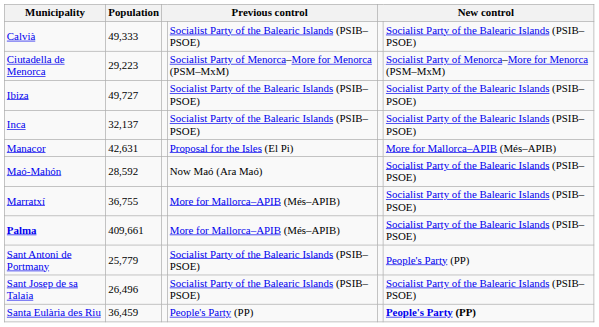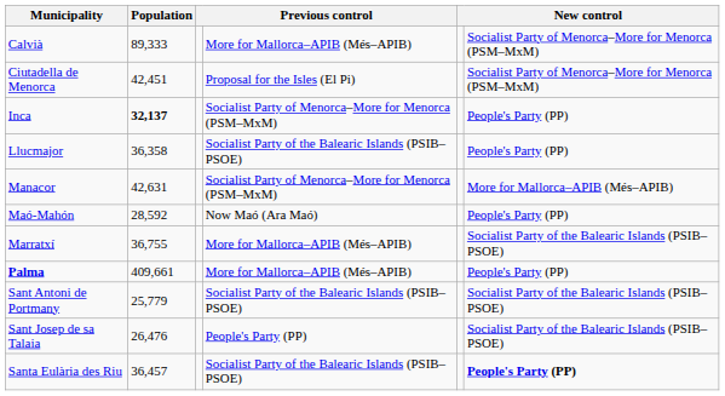 <table class="wikitable sortable">
 <tr>
 <th>Municipality</th>
 <th>Population</th>
 <th colspan="2" style="width:375px;">Previous control</th>
 <th colspan="2" style="width:375px;">New control</th>
 </tr>
 <tr>
 <td><a href='#'>Calvià</a></td>
-<td>49,333</td>
+<td>89,333</td>
 <td width="1" style="color:inherit;background:"></td>
-<td><a href='#'>Socialist Party of the Balearic Islands</a> (PSIB–PSOE)</td>
+<td><a href='#'>More for Mallorca–APIB</a> (Més–APIB)</td>
 <td width="1" style="color:inherit;background:"></td>
-<td><a href='#'>Socialist Party of the Balearic Islands</a> (PSIB–PSOE)</td>
+<td><a href='#'>Socialist Party of Menorca</a>–<a href='#'>More for Menorca</a> (PSM–MxM)</td>
 </tr>
 <tr>
 <td><a href='#'>Ciutadella de Menorca</a></td>
-<td>29,223</td>
+<td>42,451</td>
 <td style="color:inherit;background:"></td>
-<td><a href='#'>Socialist Party of Menorca</a>–<a href='#'>More for Menorca</a> (PSM–MxM)</td>
+<td><a href='#'>Proposal for the Isles</a> (El Pi)</td>
 <td style="color:inherit;background:"></td>
 <td><a href='#'>Socialist Party of Menorca</a>–<a href='#'>More for Menorca</a> (PSM–MxM)</td>
 </tr>
 <tr>
-<td><a href='#'>Ibiza</a></td>
-<td>49,727</td>
+<td><a href='#'>Inca</a></td>
+<td><strong>32,137</strong></td>
+<td style="color:inherit;background:"></td>
+<td><a href='#'>Socialist Party of Menorca</a>–<a href='#'>More for Menorca</a> (PSM–MxM)</td>
+<td style="color:inherit;background:"></td>
+<td><a href='#'>People's Party</a> (PP)</td>
+</tr>
+<tr>
+<td><a href='#'>Llucmajor</a></td>
+<td>36,358</td>
 <td style="color:inherit;background:"></td>
 <td><a href='#'>Socialist Party of the Balearic Islands</a> (PSIB–PSOE)</td>
 <td style="color:inherit;background:"></td>
-<td><a href='#'>Socialist Party of the Balearic Islands</a> (PSIB–PSOE)</td>
-</tr>
-<tr>
-<td><a href='#'>Inca</a></td>
-<td>32,137</td>
-<td style="color:inherit;background:"></td>
-<td><a href='#'>Socialist Party of the Balearic Islands</a> (PSIB–PSOE)</td>
-<td style="color:inherit;background:"></td>
-<td><a href='#'>Socialist Party of the Balearic Islands</a> (PSIB–PSOE)</td>
+<td><a href='#'>People's Party</a> (PP)</td>
 </tr>
 <tr>
 <td><a href='#'>Manacor</a></td>
 <td>42,631</td>
 <td style="color:inherit;background:"></td>
-<td><a href='#'>Proposal for the Isles</a> (El Pi)</td>
+<td><a href='#'>Socialist Party of Menorca</a>–<a href='#'>More for Menorca</a> (PSM–MxM)</td>
 <td style="color:inherit;background:"></td>
 <td><a href='#'>More for Mallorca–APIB</a> (Més–APIB)</td>
 </tr>
 <tr>
 <td><a href='#'>Maó-Mahón</a></td>
 <td>28,592</td>
 <td style="color:inherit;background:"></td>
 <td>Now Maó (Ara Maó)</td>
 <td style="color:inherit;background:"></td>
-<td><a href='#'>Socialist Party of the Balearic Islands</a> (PSIB–PSOE)</td>
+<td><a href='#'>People's Party</a> (PP)</td>
 </tr>
 <tr>
 <td><a href='#'>Marratxí</a></td>
 <td>36,755</td>
 <td style="color:inherit;background:"></td>
 <td><a href='#'>More for Mallorca–APIB</a> (Més–APIB)</td>
 <td style="color:inherit;background:"></td>
 <td><a href='#'>Socialist Party of the Balearic Islands</a> (PSIB–PSOE)</td>
 </tr>
 <tr>
 <td><strong><a href='#'>Palma</a></strong></td>
 <td>409,661</td>
 <td style="color:inherit;background:"></td>
 <td><a href='#'>More for Mallorca–APIB</a> (Més–APIB)</td>
 <td style="color:inherit;background:"></td>
-<td><a href='#'>Socialist Party of the Balearic Islands</a> (PSIB–PSOE)</td>
+<td><a href='#'>People's Party</a> (PP)</td>
 </tr>
 <tr>
 <td><a href='#'>Sant Antoni de Portmany</a></td>
 <td>25,779</td>
 <td style="color:inherit;background:"></td>
 <td><a href='#'>Socialist Party of the Balearic Islands</a> (PSIB–PSOE)</td>
 <td style="color:inherit;background:"></td>
-<td><a href='#'>People's Party</a> (PP)</td>
+<td><a href='#'>Socialist Party of the Balearic Islands</a> (PSIB–PSOE)</td>
 </tr>
 <tr>
 <td><a href='#'>Sant Josep de sa Talaia</a></td>
-<td>26,496</td>
+<td>26,476</td>
 <td style="color:inherit;background:"></td>
-<td><a href='#'>Socialist Party of the Balearic Islands</a> (PSIB–PSOE)</td>
+<td><a href='#'>People's Party</a> (PP)</td>
 <td style="color:inherit;background:"></td>
 <td><a href='#'>Socialist Party of the Balearic Islands</a> (PSIB–PSOE)</td>
 </tr>
 <tr>
 <td><a href='#'>Santa Eulària des Riu</a></td>
-<td>36,459</td>
+<td>36,457</td>
 <td style="color:inherit;background:"></td>
-<td><a href='#'>People's Party</a> (PP)</td>
+<td><a href='#'>Socialist Party of the Balearic Islands</a> (PSIB–PSOE)</td>
 <td style="color:inherit;background:"></td>
 <td><strong><a href='#'>People's Party</a> (PP)</strong></td>
 </tr>
 </table>
